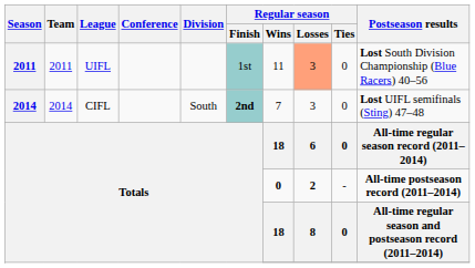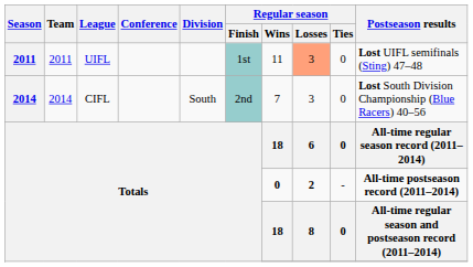 <table class="wikitable" style="font-size: 95%;">
 <tr>
 <th rowspan="2"><a href='#'>Season</a></th>
 <th rowspan="2">Team</th>
 <th rowspan="2"><a href='#'>League</a></th>
 <th rowspan="2"><a href='#'>Conference</a></th>
 <th rowspan="2"><a href='#'>Division</a></th>
 <th colspan="4"><a href='#'>Regular season</a></th>
 <th rowspan="2"><a href='#'>Postseason</a> results</th>
 </tr>
 <tr>
 <th>Finish</th>
 <th>Wins</th>
 <th>Losses</th>
 <th>Ties</th>
 </tr>
 <tr>
 <th style="text-align:center;"><a href='#'>2011</a></th>
 <td style="text-align:center;"><a href='#'>2011</a></td>
 <td style="text-align:center;"><a href='#'>UIFL</a></td>
 <td style="text-align:center;"></td>
 <td style="text-align:center;"></td>
 <td style="text-align:center; background:#96cdcd;">1st</td>
 <td style="text-align:center;">11</td>
 <td style="background: lightsalmon; text-align:center;">3</td>
 <td style="text-align:center;">0</td>
-<td><strong>Lost</strong> South Division Championship (<a href='#'>Blue Racers</a>) 40–56</td>
+<td><strong>Lost</strong> UIFL semifinals (<a href='#'>Sting</a>) 47–48</td>
 </tr>
 <tr>
 <th style="text-align:center;"><a href='#'>2014</a></th>
 <td style="text-align:center;"><a href='#'>2014</a></td>
 <td style="text-align:center;">CIFL</td>
 <td style="text-align:center;"></td>
 <td style="text-align:center;">South</td>
-<td style="text-align:center; background:#96cdcd;"><strong>2nd</strong></td>
+<td style="text-align:center; background:#96cdcd;">2nd</td>
 <td style="text-align:center;">7</td>
 <td style="text-align:center;">3</td>
 <td style="text-align:center;">0</td>
-<td><strong>Lost</strong> UIFL semifinals (<a href='#'>Sting</a>) 47–48</td>
+<td><strong>Lost</strong> South Division Championship (<a href='#'>Blue Racers</a>) 40–56</td>
 </tr>
 <tr>
 <th style="text-align:center;" rowspan="5" colspan="6">Totals</th>
 <th style="text-align:center;"><strong>18</strong></th>
 <th style="text-align:center;"><strong>6</strong></th>
 <th style="text-align:center;"><strong>0</strong></th>
 <th style="text-align:center;" colspan="3"><strong>All-time regular season record (2011–2014)</strong></th>
 </tr>
 <tr style="text-align:center;">
 <td><strong>0</strong></td>
 <td><strong>2</strong></td>
 <td>-</td>
 <td colspan="3"><strong>All-time postseason record (2011–2014)</strong></td>
 </tr>
 <tr>
 <th style="text-align:center;"><strong>18</strong></th>
 <th style="text-align:center;"><strong>8</strong></th>
 <th style="text-align:center;"><strong>0</strong></th>
 <th style="text-align:center;" colspan="3"><strong>All-time regular season and  postseason record (2011–2014)</strong></th>
 </tr>
 <tr>
 </tr>
 </table>
